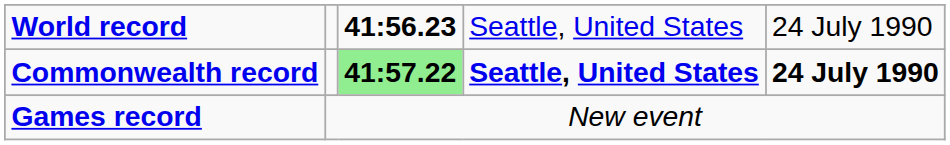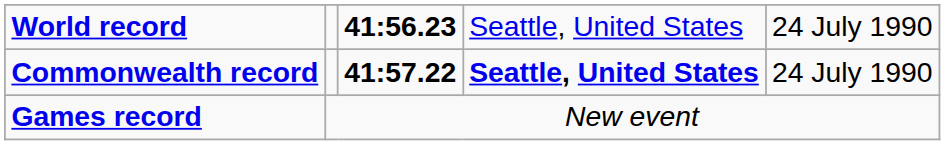 <table class="wikitable">
 <tr>
 <td><a href='#'><strong>World record</strong></a></td>
 <td></td>
 <td><strong>41:56.23</strong></td>
 <td><a href='#'>Seattle</a>, <a href='#'>United States</a></td>
 <td>24 July 1990</td>
 </tr>
 <tr>
 <td><a href='#'><strong>Commonwealth record</strong></a></td>
 <td></td>
-<td style="background: lightgreen;"><strong>41:57.22</strong></td>
+<td><strong>41:57.22</strong></td>
 <td><strong><a href='#'>Seattle</a>, <a href='#'>United States</a></strong></td>
-<td><strong>24 July 1990</strong></td>
+<td>24 July 1990</td>
 </tr>
 <tr>
 <td><a href='#'><strong>Games record</strong></a></td>
 <td colspan=4 style="text-align:center"><em>New event</em></td>
 </tr>
 </table>
